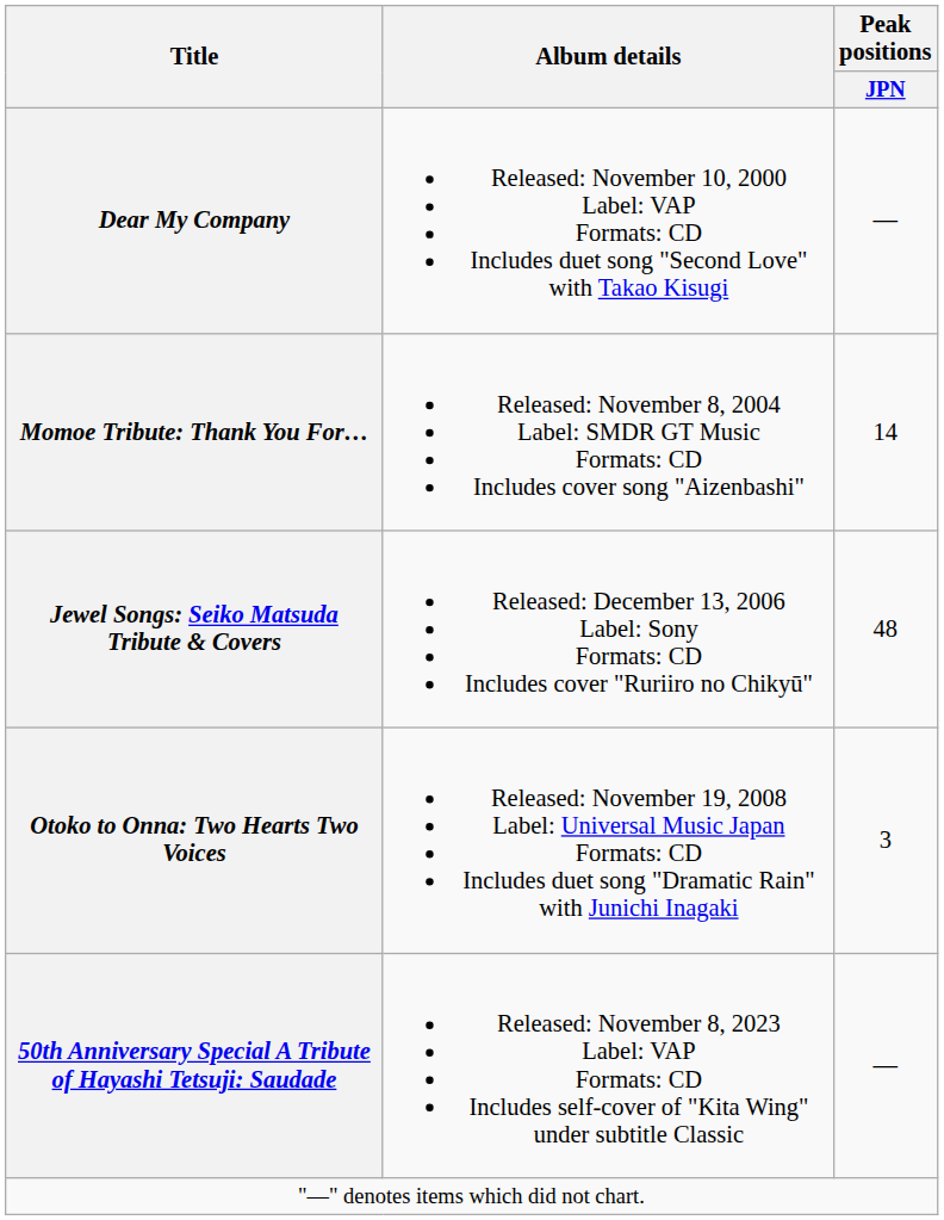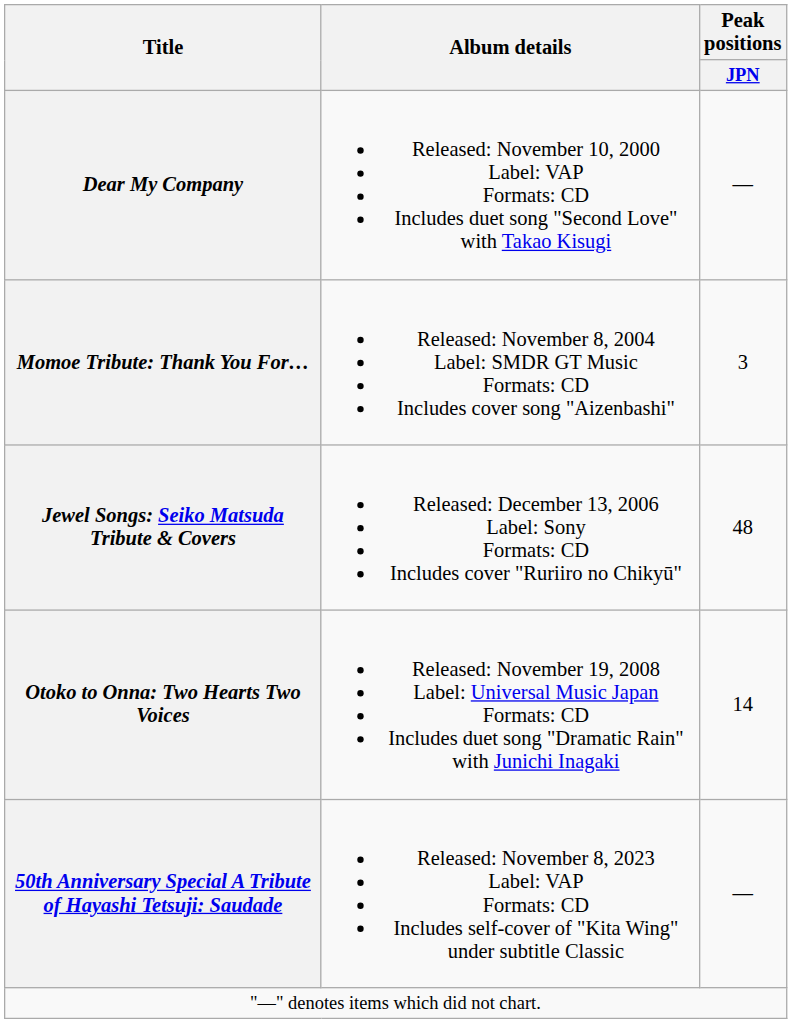 <table class="wikitable plainrowheaders" style="text-align:center;">
 <tr>
 <th style="width:15em;" rowspan="2">Title</th>
 <th style="width:18em;" rowspan="2">Album details</th>
 <th colspan="1">Peak positions</th>
 </tr>
 <tr>
 <th style="width:3em;font-size:90%"><a href='#'>JPN</a><br></th>
 </tr>
 <tr>
 <th scope="row"><em>Dear My Company</em></th>
 <td><br><ul><li>Released: November 10, 2000</li><li>Label: VAP</li><li>Formats: CD</li><li>Includes duet song "Second Love" with <a href='#'>Takao Kisugi</a></li></ul></td>
 <td>—</td>
 </tr>
 <tr>
 <th scope="row"><em>Momoe Tribute: Thank You For…</em></th>
 <td><br><ul><li>Released: November 8, 2004</li><li>Label: SMDR GT Music</li><li>Formats: CD</li><li>Includes cover song "Aizenbashi"</li></ul></td>
-<td>14</td>
+<td>3</td>
 </tr>
 <tr>
 <th scope="row"><em>Jewel Songs: <a href='#'>Seiko Matsuda</a> Tribute & Covers</em></th>
 <td><br><ul><li>Released: December 13, 2006</li><li>Label: Sony</li><li>Formats: CD</li><li>Includes cover "Ruriiro no Chikyū"</li></ul></td>
 <td>48</td>
 </tr>
 <tr>
 <th scope="row"><em>Otoko to Onna: Two Hearts Two Voices</em></th>
 <td><br><ul><li>Released: November 19, 2008</li><li>Label: <a href='#'>Universal Music Japan</a></li><li>Formats: CD</li><li>Includes duet song "Dramatic Rain" with <a href='#'>Junichi Inagaki</a></li></ul></td>
-<td>3</td>
+<td>14</td>
 </tr>
 <tr>
 <th scope="row"><em><a href='#'>50th Anniversary Special A Tribute of Hayashi Tetsuji: Saudade</a></em></th>
 <td><br><ul><li>Released: November 8, 2023</li><li>Label: VAP</li><li>Formats: CD</li><li>Includes self-cover of "Kita Wing" under subtitle Classic</li></ul></td>
 <td>—</td>
 </tr>
 <tr>
 <td colspan="5" align="center" style="font-size:90%;">"—" denotes items which did not chart.</td>
 </tr>
 </table>
